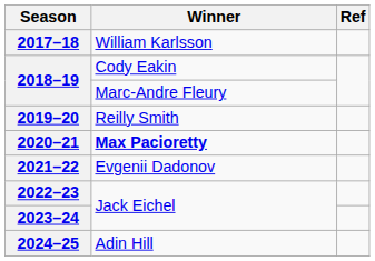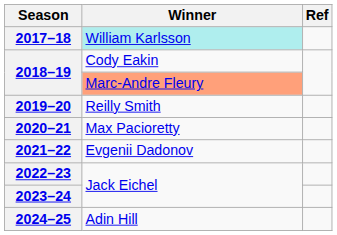 <table class="wikitable">
 <tr>
 <th scope="col" style="width:5em">Season</th>
 <th scope="col" style="width:15em">Winner</th>
 <th scope="col">Ref</th>
 </tr>
 <tr>
 <th scope="row"><a href='#'>2017–18</a></th>
-<td><a href='#'>William Karlsson</a></td>
+<td style="background: paleturquoise;"><a href='#'>William Karlsson</a></td>
 <td></td>
 </tr>
 <tr>
 <th scope="row" rowspan="2"><a href='#'>2018–19</a></th>
 <td><a href='#'>Cody Eakin</a></td>
 <td rowspan="2"></td>
 </tr>
 <tr>
-<td><a href='#'>Marc-Andre Fleury</a></td>
+<td style="background: lightsalmon;"><a href='#'>Marc-Andre Fleury</a></td>
 </tr>
 <tr>
 <th scope="row"><a href='#'>2019–20</a></th>
 <td><a href='#'>Reilly Smith</a></td>
 <td></td>
 </tr>
 <tr>
 <th scope="row"><a href='#'>2020–21</a></th>
-<td><strong><a href='#'>Max Pacioretty</a></strong></td>
+<td><a href='#'>Max Pacioretty</a></td>
 <td></td>
 </tr>
 <tr>
 <th scope="row"><a href='#'>2021–22</a></th>
 <td><a href='#'>Evgenii Dadonov</a></td>
 <td></td>
 </tr>
 <tr>
 <th scope="row"><a href='#'>2022–23</a></th>
 <td rowspan="2"><a href='#'>Jack Eichel</a></td>
 <td></td>
 </tr>
 <tr>
 <th scope="row"><a href='#'>2023–24</a></th>
 <td></td>
 </tr>
 <tr>
 <th scope="row"><a href='#'>2024–25</a></th>
 <td rowspan="2"><a href='#'>Adin Hill</a></td>
 <td></td>
 </tr>
 </table>
